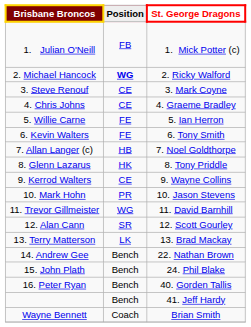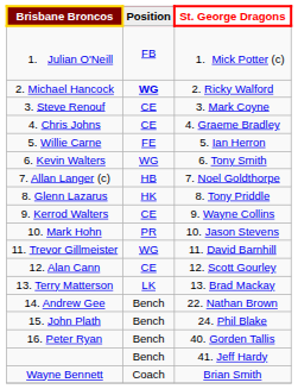 <table align="right" class="wikitable" style="font-size:90%; margin-left:1em">
 <tr bgcolor="#FF0033">
 <th style="width:140px; border:3px solid gold; background: maroon; color: white">Brisbane Broncos</th>
 <th style="width:40px; text-align:center; background:#eee; color:black;">Position</th>
 <th style="width:140px; border:3px solid red; background: white; color: red">St. George Dragons</th>
 </tr>
 <tr align=center>
 <td><br><ol><li><a href='#'>Julian O'Neill</a></li></ol></td>
 <td><a href='#'>FB</a></td>
 <td><br><ol><li><a href='#'>Mick Potter</a> (c)</li></ol></td>
 </tr>
 <tr align=center>
 <td>2. <a href='#'>Michael Hancock</a></td>
 <td><strong><a href='#'>WG</a></strong></td>
 <td>2. <a href='#'>Ricky Walford</a></td>
 </tr>
 <tr align=center>
 <td>3. <a href='#'>Steve Renouf</a></td>
 <td><a href='#'>CE</a></td>
 <td>3. <a href='#'>Mark Coyne</a></td>
 </tr>
 <tr align=center>
 <td>4. <a href='#'>Chris Johns</a></td>
 <td><a href='#'>CE</a></td>
 <td>4. <a href='#'>Graeme Bradley</a></td>
 </tr>
 <tr align=center>
 <td>5. <a href='#'>Willie Carne</a></td>
 <td><a href='#'>FE</a></td>
 <td>5. <a href='#'>Ian Herron</a></td>
 </tr>
 <tr align=center>
 <td>6. <a href='#'>Kevin Walters</a></td>
-<td><a href='#'>FE</a></td>
+<td><a href='#'>WG</a></td>
 <td>6. <a href='#'>Tony Smith</a></td>
 </tr>
 <tr align=center>
 <td>7. <a href='#'>Allan Langer</a> (c)</td>
 <td><a href='#'>HB</a></td>
 <td>7. <a href='#'>Noel Goldthorpe</a></td>
 </tr>
 <tr align=center>
 <td>8. <a href='#'>Glenn Lazarus</a></td>
 <td><a href='#'>HK</a></td>
 <td>8. <a href='#'>Tony Priddle</a></td>
 </tr>
 <tr align=center>
 <td>9. <a href='#'>Kerrod Walters</a></td>
 <td><a href='#'>CE</a></td>
 <td>9. <a href='#'>Wayne Collins</a></td>
 </tr>
 <tr align=center>
 <td>10. <a href='#'>Mark Hohn</a></td>
 <td><a href='#'>PR</a></td>
 <td>10. <a href='#'>Jason Stevens</a></td>
 </tr>
 <tr align=center>
 <td>11. <a href='#'>Trevor Gillmeister</a></td>
 <td><a href='#'>WG</a></td>
 <td>11. <a href='#'>David Barnhill</a></td>
 </tr>
 <tr align=center>
 <td>12. <a href='#'>Alan Cann</a></td>
-<td><a href='#'>SR</a></td>
+<td><a href='#'>CE</a></td>
 <td>12. <a href='#'>Scott Gourley</a></td>
 </tr>
 <tr align=center>
 <td>13. <a href='#'>Terry Matterson</a></td>
 <td><a href='#'>LK</a></td>
 <td>13. <a href='#'>Brad Mackay</a></td>
 </tr>
 <tr align=center>
 <td>14. <a href='#'>Andrew Gee</a></td>
 <td>Bench</td>
 <td>22. <a href='#'>Nathan Brown</a></td>
 </tr>
 <tr align=center>
 <td>15. <a href='#'>John Plath</a></td>
 <td>Bench</td>
 <td>24. <a href='#'>Phil Blake</a></td>
 </tr>
 <tr align=center>
 <td>16. <a href='#'>Peter Ryan</a></td>
 <td>Bench</td>
 <td>40. <a href='#'>Gorden Tallis</a></td>
 </tr>
 <tr align=center>
 <td></td>
 <td>Bench</td>
 <td>41. <a href='#'>Jeff Hardy</a></td>
 </tr>
 <tr align=center>
 <td><a href='#'>Wayne Bennett</a></td>
 <td>Coach</td>
 <td><a href='#'>Brian Smith</a></td>
 </tr>
 <tr>
 </tr>
 </table>
